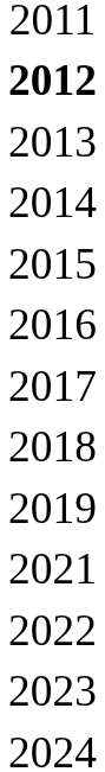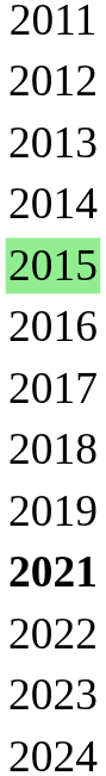 <table>
 <tr>
 <td align="center">2011</td>
 <td></td>
 <td></td>
 <td></td>
 </tr>
 <tr>
-<td align="center"><strong>2012</strong></td>
+<td align="center">2012</td>
 <td></td>
 <td></td>
 <td><br></td>
 </tr>
 <tr>
 <td align="center">2013</td>
 <td></td>
 <td></td>
 <td></td>
 </tr>
 <tr>
 <td align="center">2014</td>
 <td></td>
 <td></td>
 <td></td>
 </tr>
 <tr>
-<td align="center">2015</td>
+<td align="center" style="background: lightgreen;">2015</td>
 <td></td>
 <td></td>
 <td><br></td>
 </tr>
 <tr>
 <td align="center">2016</td>
 <td></td>
 <td></td>
 <td><br></td>
 </tr>
 <tr>
 <td align="center">2017</td>
 <td></td>
 <td></td>
 <td><br></td>
 </tr>
 <tr>
 <td align="center">2018</td>
 <td></td>
 <td></td>
 <td></td>
 </tr>
 <tr>
 <td align="center">2019</td>
 <td></td>
 <td></td>
 <td></td>
 </tr>
 <tr>
-<td align="center">2021</td>
+<td align="center"><strong>2021</strong></td>
 <td></td>
 <td></td>
 <td></td>
 </tr>
 <tr>
 <td align="center">2022</td>
 <td></td>
 <td></td>
 <td></td>
 </tr>
 <tr>
 <td align="center">2023</td>
 <td></td>
 <td></td>
 <td></td>
 </tr>
 <tr>
 <td align="center">2024</td>
 <td></td>
 <td></td>
 <td></td>
 </tr>
 </table>
